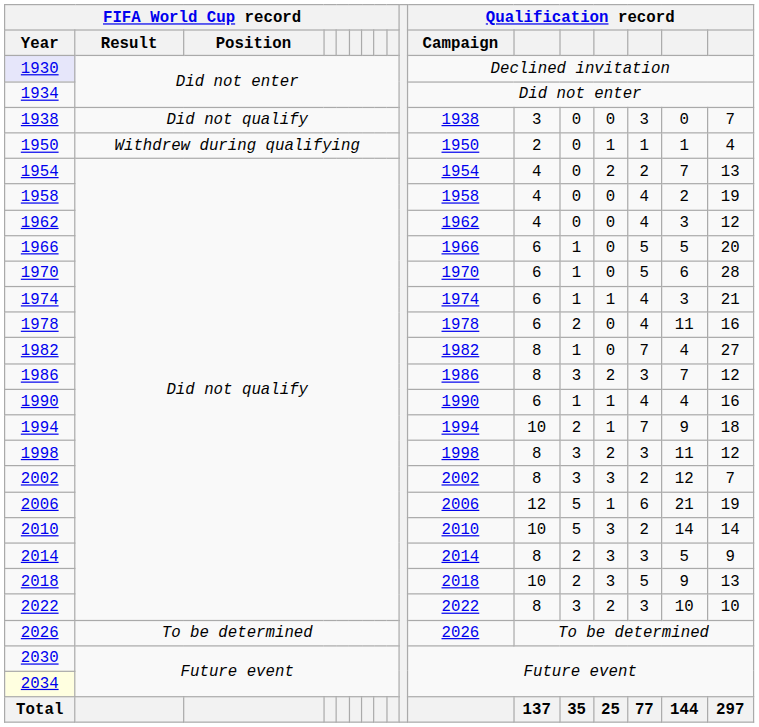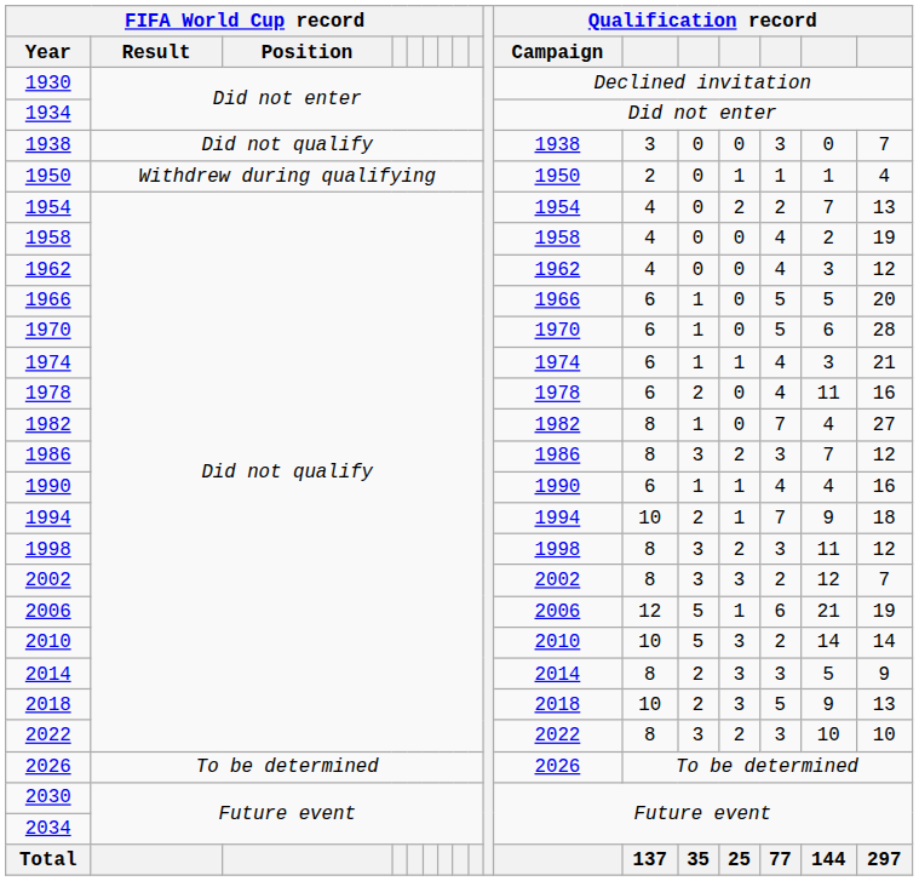 <table class="wikitable" style="text-align: center;">
 <tr>
 <th colspan=9><a href='#'>FIFA World Cup</a> record</th>
 <th width=1% rowspan=28></th>
 <th colspan=7><a href='#'>Qualification</a> record</th>
 </tr>
 <tr>
 <th>Year</th>
 <th>Result</th>
 <th>Position</th>
 <th></th>
 <th></th>
 <th></th>
 <th></th>
 <th></th>
 <th></th>
 <th>Campaign</th>
 <th></th>
 <th></th>
 <th></th>
 <th></th>
 <th></th>
 <th></th>
 </tr>
 <tr>
-<td style="background: lavender;"> <a href='#'>1930</a></td>
+<td> <a href='#'>1930</a></td>
 <td colspan=8 rowspan=2><em>Did not enter</em></td>
 <td colspan=8><em>Declined invitation</em></td>
 </tr>
 <tr>
 <td> <a href='#'>1934</a></td>
 <td colspan=8><em>Did not enter</em></td>
 </tr>
 <tr>
 <td> <a href='#'>1938</a></td>
 <td colspan=8><em>Did not qualify</em></td>
 <td><a href='#'>1938</a></td>
 <td>3</td>
 <td>0</td>
 <td>0</td>
 <td>3</td>
 <td>0</td>
 <td>7</td>
 </tr>
 <tr>
 <td> <a href='#'>1950</a></td>
 <td colspan=8><em>Withdrew during qualifying</em></td>
 <td><a href='#'>1950</a></td>
 <td>2</td>
 <td>0</td>
 <td>1</td>
 <td>1</td>
 <td>1</td>
 <td>4</td>
 </tr>
 <tr>
 <td> <a href='#'>1954</a></td>
 <td colspan=8 rowspan=18><em>Did not qualify</em></td>
 <td><a href='#'>1954</a></td>
 <td>4</td>
 <td>0</td>
 <td>2</td>
 <td>2</td>
 <td>7</td>
 <td>13</td>
 </tr>
 <tr>
 <td> <a href='#'>1958</a></td>
 <td><a href='#'>1958</a></td>
 <td>4</td>
 <td>0</td>
 <td>0</td>
 <td>4</td>
 <td>2</td>
 <td>19</td>
 </tr>
 <tr>
 <td> <a href='#'>1962</a></td>
 <td><a href='#'>1962</a></td>
 <td>4</td>
 <td>0</td>
 <td>0</td>
 <td>4</td>
 <td>3</td>
 <td>12</td>
 </tr>
 <tr>
 <td> <a href='#'>1966</a></td>
 <td><a href='#'>1966</a></td>
 <td>6</td>
 <td>1</td>
 <td>0</td>
 <td>5</td>
 <td>5</td>
 <td>20</td>
 </tr>
 <tr>
 <td> <a href='#'>1970</a></td>
 <td><a href='#'>1970</a></td>
 <td>6</td>
 <td>1</td>
 <td>0</td>
 <td>5</td>
 <td>6</td>
 <td>28</td>
 </tr>
 <tr>
 <td> <a href='#'>1974</a></td>
 <td><a href='#'>1974</a></td>
 <td>6</td>
 <td>1</td>
 <td>1</td>
 <td>4</td>
 <td>3</td>
 <td>21</td>
 </tr>
 <tr>
 <td> <a href='#'>1978</a></td>
 <td><a href='#'>1978</a></td>
 <td>6</td>
 <td>2</td>
 <td>0</td>
 <td>4</td>
 <td>11</td>
 <td>16</td>
 </tr>
 <tr>
 <td> <a href='#'>1982</a></td>
 <td><a href='#'>1982</a></td>
 <td>8</td>
 <td>1</td>
 <td>0</td>
 <td>7</td>
 <td>4</td>
 <td>27</td>
 </tr>
 <tr>
 <td> <a href='#'>1986</a></td>
 <td><a href='#'>1986</a></td>
 <td>8</td>
 <td>3</td>
 <td>2</td>
 <td>3</td>
 <td>7</td>
 <td>12</td>
 </tr>
 <tr>
 <td> <a href='#'>1990</a></td>
 <td><a href='#'>1990</a></td>
 <td>6</td>
 <td>1</td>
 <td>1</td>
 <td>4</td>
 <td>4</td>
 <td>16</td>
 </tr>
 <tr>
 <td> <a href='#'>1994</a></td>
 <td><a href='#'>1994</a></td>
 <td>10</td>
 <td>2</td>
 <td>1</td>
 <td>7</td>
 <td>9</td>
 <td>18</td>
 </tr>
 <tr>
 <td> <a href='#'>1998</a></td>
 <td><a href='#'>1998</a></td>
 <td>8</td>
 <td>3</td>
 <td>2</td>
 <td>3</td>
 <td>11</td>
 <td>12</td>
 </tr>
 <tr>
 <td>  <a href='#'>2002</a></td>
 <td><a href='#'>2002</a></td>
 <td>8</td>
 <td>3</td>
 <td>3</td>
 <td>2</td>
 <td>12</td>
 <td>7</td>
 </tr>
 <tr>
 <td> <a href='#'>2006</a></td>
 <td><a href='#'>2006</a></td>
 <td>12</td>
 <td>5</td>
 <td>1</td>
 <td>6</td>
 <td>21</td>
 <td>19</td>
 </tr>
 <tr>
 <td> <a href='#'>2010</a></td>
 <td><a href='#'>2010</a></td>
 <td>10</td>
 <td>5</td>
 <td>3</td>
 <td>2</td>
 <td>14</td>
 <td>14</td>
 </tr>
 <tr>
 <td> <a href='#'>2014</a></td>
 <td><a href='#'>2014</a></td>
 <td>8</td>
 <td>2</td>
 <td>3</td>
 <td>3</td>
 <td>5</td>
 <td>9</td>
 </tr>
 <tr>
 <td> <a href='#'>2018</a></td>
 <td><a href='#'>2018</a></td>
 <td>10</td>
 <td>2</td>
 <td>3</td>
 <td>5</td>
 <td>9</td>
 <td>13</td>
 </tr>
 <tr>
 <td> <a href='#'>2022</a></td>
 <td><a href='#'>2022</a></td>
 <td>8</td>
 <td>3</td>
 <td>2</td>
 <td>3</td>
 <td>10</td>
 <td>10</td>
 </tr>
 <tr>
 <td>   <a href='#'>2026</a></td>
 <td colspan=8 rowspan=1><em>To be determined</em></td>
 <td><a href='#'>2026</a></td>
 <td colspan=7 rowspan=1><em>To be determined</em></td>
 </tr>
 <tr>
 <td>   <a href='#'>2030</a></td>
 <td colspan=8 rowspan=2><em>Future event</em></td>
 <td colspan=7 rowspan=2><em>Future event</em></td>
 </tr>
 <tr>
-<td style="background: lightyellow;"> <a href='#'>2034</a></td>
+<td> <a href='#'>2034</a></td>
 </tr>
 <tr>
 <th>Total</th>
 <th></th>
 <th></th>
 <th></th>
 <th></th>
 <th></th>
 <th></th>
 <th></th>
 <th></th>
 <th></th>
 <th>137</th>
 <th>35</th>
 <th>25</th>
 <th>77</th>
 <th>144</th>
 <th>297</th>
 </tr>
 </table>
